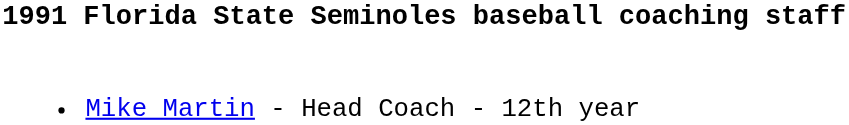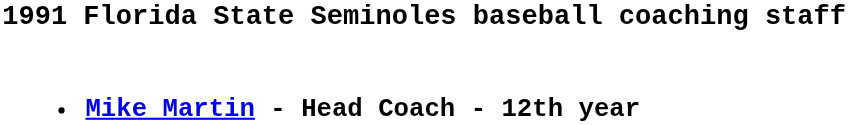 <table class="toccolours">
 <tr>
 <th colspan=9>1991 Florida State Seminoles baseball coaching staff</th>
 </tr>
 <tr>
-<td style="text-align: left; font-size: 95%;" valign="top"><br><ul><li><a href='#'>Mike Martin</a> - Head Coach - 12th year</li></ul></td>
+<td style="text-align: left; font-size: 95%;" valign="top"><strong><br><ul><li><a href='#'>Mike Martin</a> - Head Coach - 12th year</li></ul></strong></td>
 </tr>
 </table>
